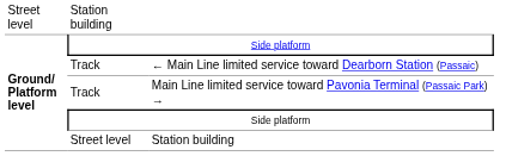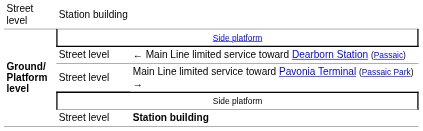 <table cellspacing=0 cellpadding=4>
 <tr>
 <td>Street level</td>
 <td>Station building</td>
 </tr>
 <tr>
 <td style="border-top:solid 1px gray; border-bottom:solid 1px gray" rowspan=5 width=75><strong>Ground/<br>Platform level</strong></td>
 <td style="border-top:solid 1px gray;border-right:solid 2px black;border-left:solid 2px black;border-bottom:solid 2px black;text-align:center;" colspan=2><small><a href='#'>Side platform</a></small></td>
 </tr>
 <tr>
-<td style="border-bottom:solid 1px gray;" width=100>Track</td>
+<td style="border-bottom:solid 1px gray;">Street level</td>
 <td style="border-bottom:solid 1px gray;" width=450>← Main Line limited service toward <a href='#'>Dearborn Station</a> <small>(<a href='#'>Passaic</a>)</small></td>
 </tr>
 <tr>
-<td>Track</td>
+<td style="border-bottom:solid 1px gray;">Street level</td>
 <td> Main Line limited service toward <a href='#'>Pavonia Terminal</a> <small>(<a href='#'>Passaic Park</a>)</small> →</td>
 </tr>
 <tr>
 <td style="border-bottom:solid 1px gray;border-right:solid 2px black;border-left:solid 2px black;border-top:solid 2px black;text-align:center;" colspan=2><small>Side platform</small></td>
 </tr>
 <tr>
 <td style="border-bottom:solid 1px gray;">Street level</td>
-<td style="border-bottom:solid 1px gray;">Station building</td>
+<td style="border-bottom:solid 1px gray;"><strong>Station building</strong></td>
 </tr>
 </table>
